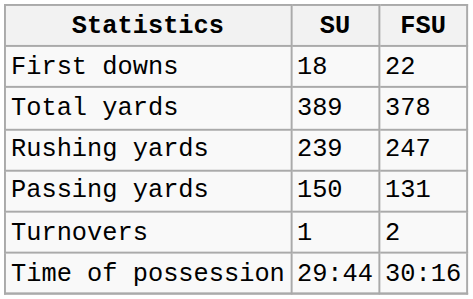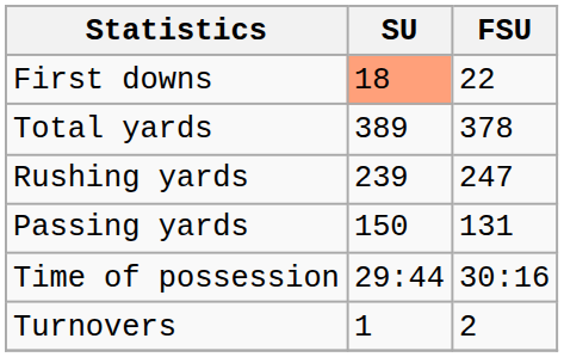 <table class="wikitable">
 <tr>
 <th>Statistics</th>
 <th>SU</th>
 <th>FSU</th>
 </tr>
 <tr>
 <td>First downs</td>
-<td>18</td>
+<td style="background: lightsalmon;">18</td>
 <td>22</td>
 </tr>
 <tr>
 <td>Total yards</td>
 <td>389</td>
 <td>378</td>
 </tr>
 <tr>
 <td>Rushing yards</td>
 <td>239</td>
 <td>247</td>
 </tr>
 <tr>
 <td>Passing yards</td>
 <td>150</td>
 <td>131</td>
 </tr>
 <tr>
+<td>Time of possession</td>
+<td>29:44</td>
+<td>30:16</td>
+</tr>
+<tr>
 <td>Turnovers</td>
 <td>1</td>
 <td>2</td>
 </tr>
 <tr>
-<td>Time of possession</td>
-<td>29:44</td>
-<td>30:16</td>
-</tr>
-<tr>
 </tr>
 </table>
